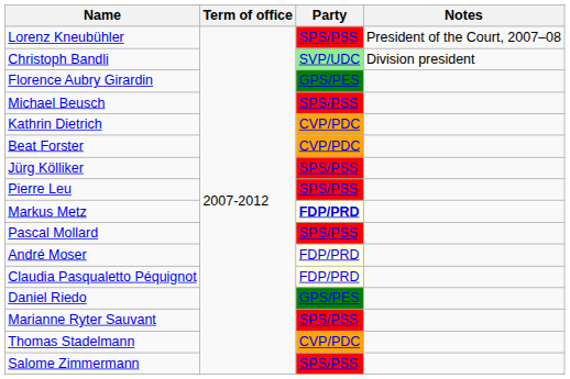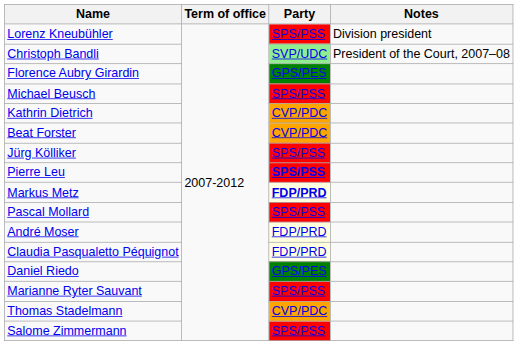 <table class="wikitable">
 <tr>
 <th>Name</th>
 <th>Term of office</th>
 <th>Party</th>
 <th>Notes</th>
 </tr>
 <tr>
 <td><a href='#'>Lorenz Kneubühler</a></td>
 <td rowspan="16">2007-2012</td>
 <td style="background:red"><a href='#'>SPS/PSS</a></td>
-<td>President of the Court, 2007–08</td>
+<td>Division president</td>
 </tr>
 <tr>
 <td><a href='#'>Christoph Bandli</a></td>
 <td style="background:lightgreen"><a href='#'>SVP/UDC</a></td>
-<td>Division president</td>
+<td>President of the Court, 2007–08</td>
 </tr>
 <tr>
 <td><a href='#'>Florence Aubry Girardin</a></td>
 <td style="background:green"><a href='#'>GPS/PES</a></td>
 <td></td>
 </tr>
 <tr>
 <td><a href='#'>Michael Beusch</a></td>
 <td style="background:red"><a href='#'>SPS/PSS</a></td>
 <td></td>
 </tr>
 <tr>
 <td><a href='#'>Kathrin Dietrich</a></td>
 <td style="background:orange"><a href='#'>CVP/PDC</a></td>
 <td></td>
 </tr>
 <tr>
 <td><a href='#'>Beat Forster</a></td>
 <td style="background:orange"><a href='#'>CVP/PDC</a></td>
 <td></td>
 </tr>
 <tr>
 <td><a href='#'>Jürg Kölliker</a></td>
 <td style="background:red"><a href='#'>SPS/PSS</a></td>
 <td></td>
 </tr>
 <tr>
 <td><a href='#'>Pierre Leu</a></td>
-<td style="background:red"><a href='#'>SPS/PSS</a></td>
+<td style="background:red"><strong><a href='#'>SPS/PSS</a></strong></td>
 <td></td>
 </tr>
 <tr>
 <td><a href='#'>Markus Metz</a></td>
 <td style="background:lightyellow"><strong><a href='#'>FDP/PRD</a></strong></td>
 <td></td>
 </tr>
 <tr>
 <td><a href='#'>Pascal Mollard</a></td>
 <td style="background:red"><a href='#'>SPS/PSS</a></td>
 <td></td>
 </tr>
 <tr>
 <td><a href='#'>André Moser</a></td>
 <td style="background:lightyellow"><a href='#'>FDP/PRD</a></td>
 <td></td>
 </tr>
 <tr>
 <td><a href='#'>Claudia Pasqualetto Péquignot</a></td>
 <td style="background:lightyellow"><a href='#'>FDP/PRD</a></td>
 <td></td>
 </tr>
 <tr>
 <td><a href='#'>Daniel Riedo</a></td>
 <td style="background:green"><a href='#'>GPS/PES</a></td>
 <td></td>
 </tr>
 <tr>
 <td><a href='#'>Marianne Ryter Sauvant</a></td>
 <td style="background:red"><a href='#'>SPS/PSS</a></td>
 <td></td>
 </tr>
 <tr>
 <td><a href='#'>Thomas Stadelmann</a></td>
 <td style="background:orange"><a href='#'>CVP/PDC</a></td>
 <td></td>
 </tr>
 <tr>
 <td><a href='#'>Salome Zimmermann</a></td>
 <td style="background:red"><a href='#'>SPS/PSS</a></td>
 <td></td>
 </tr>
 </table>
